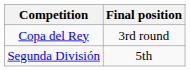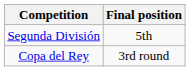 <table class="wikitable" style="font-size:100%; text-align:center">
 <tr>
 <th>Competition</th>
 <th>Final position</th>
 </tr>
 <tr style="background:">
+<td><a href='#'>Segunda División</a></td>
+<td>5th</td>
+</tr>
+<tr style="background:">
 <td><a href='#'>Copa del Rey</a></td>
 <td>3rd round</td>
 </tr>
-<tr style="background:">
-<td><a href='#'>Segunda División</a></td>
-<td>5th</td>
-</tr>
 </table>
